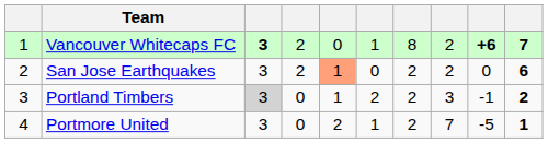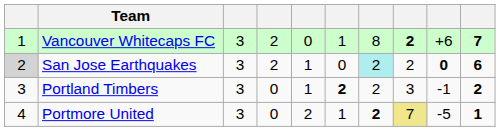 <table class="wikitable" style="text-align: center;">
 <tr>
 <th style="width:28px;"></th>
 <th style="width:185px;">Team</th>
 <th width="28"></th>
 <th width="28"></th>
 <th width="28"></th>
 <th width="28"></th>
 <th width="28"></th>
 <th width="28"></th>
 <th width="28"></th>
 <th width="28"></th>
 </tr>
 <tr style="background:#cfc;">
 <td>1</td>
 <td style="text-align:left;"><a href='#'>Vancouver Whitecaps FC</a></td>
-<td><strong>3</strong></td>
+<td>3</td>
 <td>2</td>
 <td>0</td>
 <td>1</td>
 <td>8</td>
-<td>2</td>
-<td><strong>+6</strong></td>
+<td><strong>2</strong></td>
+<td>+6</td>
 <td><strong>7</strong></td>
 </tr>
 <tr>
-<td>2</td>
+<td style="background: lightgrey;">2</td>
 <td style="text-align:left;"><a href='#'>San Jose Earthquakes</a></td>
 <td>3</td>
 <td>2</td>
-<td style="background: lightsalmon;">1</td>
+<td>1</td>
 <td>0</td>
+<td style="background: paleturquoise;">2</td>
 <td>2</td>
-<td>2</td>
-<td>0</td>
+<td><strong>0</strong></td>
 <td><strong>6</strong></td>
 </tr>
 <tr>
 <td>3</td>
 <td style="text-align:left;"><a href='#'>Portland Timbers</a></td>
-<td style="background: lightgrey;">3</td>
+<td>3</td>
 <td>0</td>
 <td>1</td>
-<td>2</td>
+<td><strong>2</strong></td>
 <td>2</td>
 <td>3</td>
 <td>-1</td>
 <td><strong>2</strong></td>
 </tr>
 <tr>
 <td>4</td>
 <td style="text-align:left;"><a href='#'>Portmore United</a></td>
 <td>3</td>
 <td>0</td>
 <td>2</td>
 <td>1</td>
-<td>2</td>
-<td>7</td>
+<td><strong>2</strong></td>
+<td style="background: khaki;">7</td>
 <td>-5</td>
 <td><strong>1</strong></td>
 </tr>
 </table>
